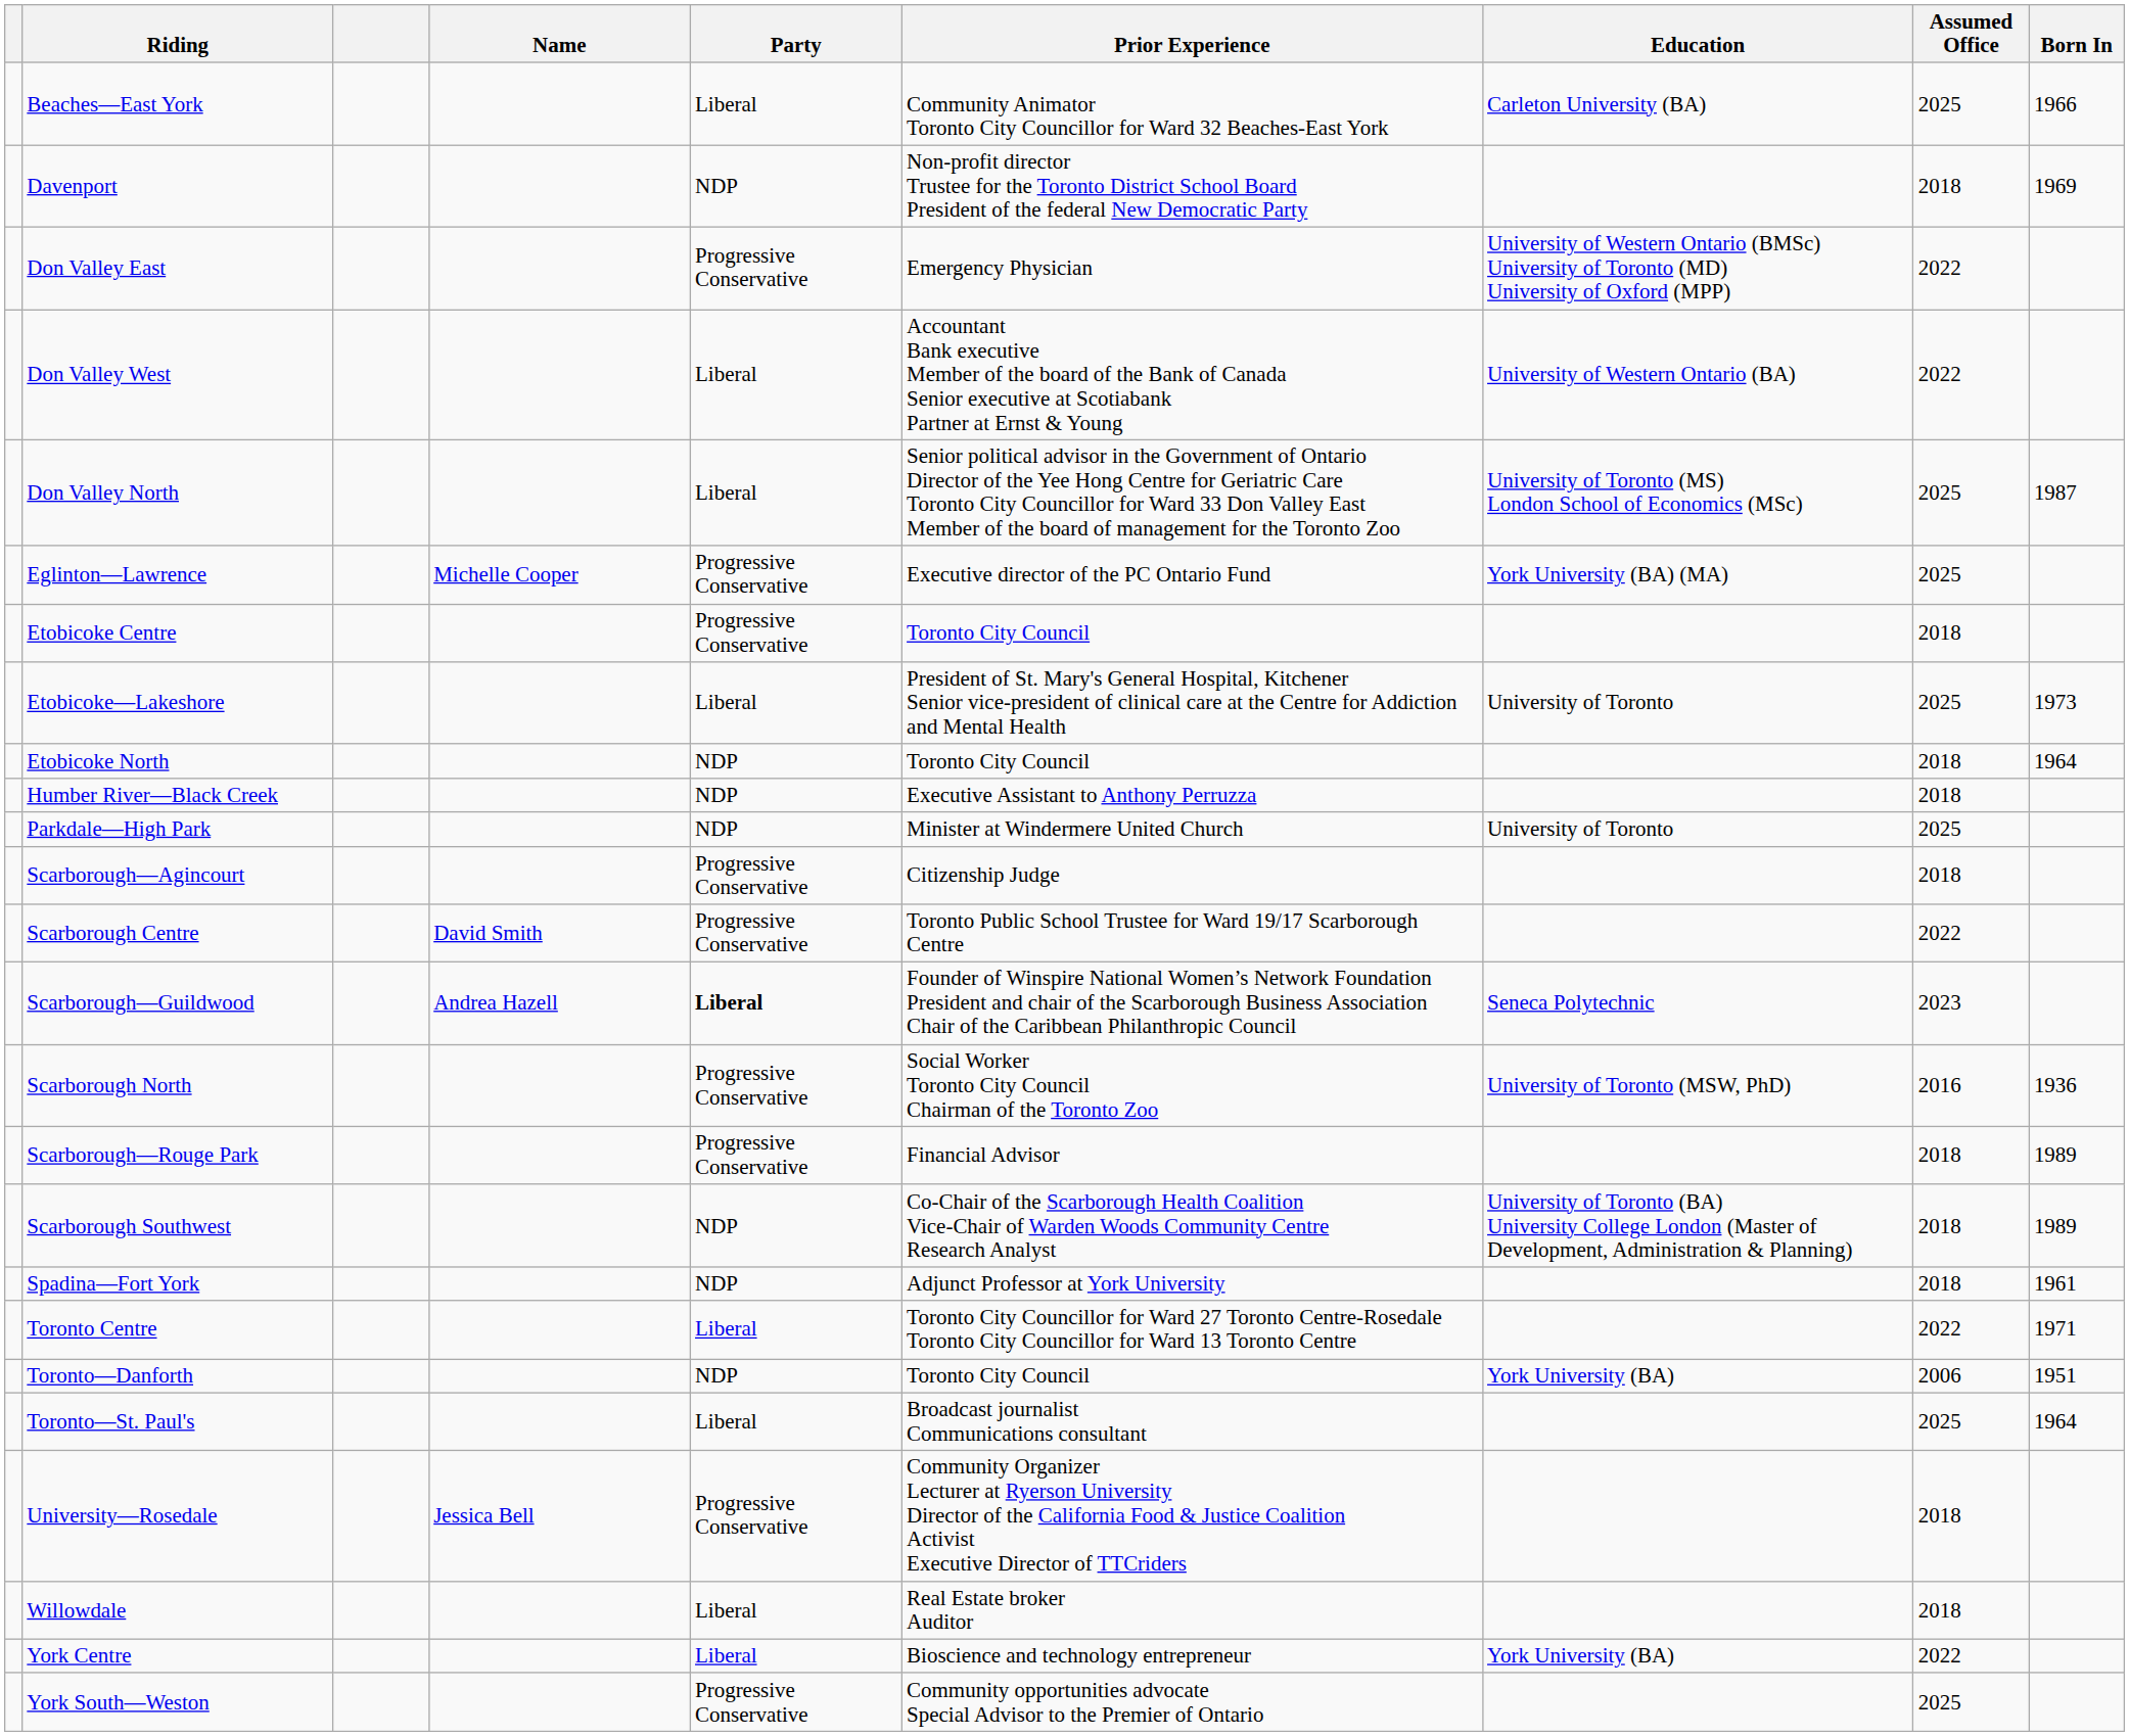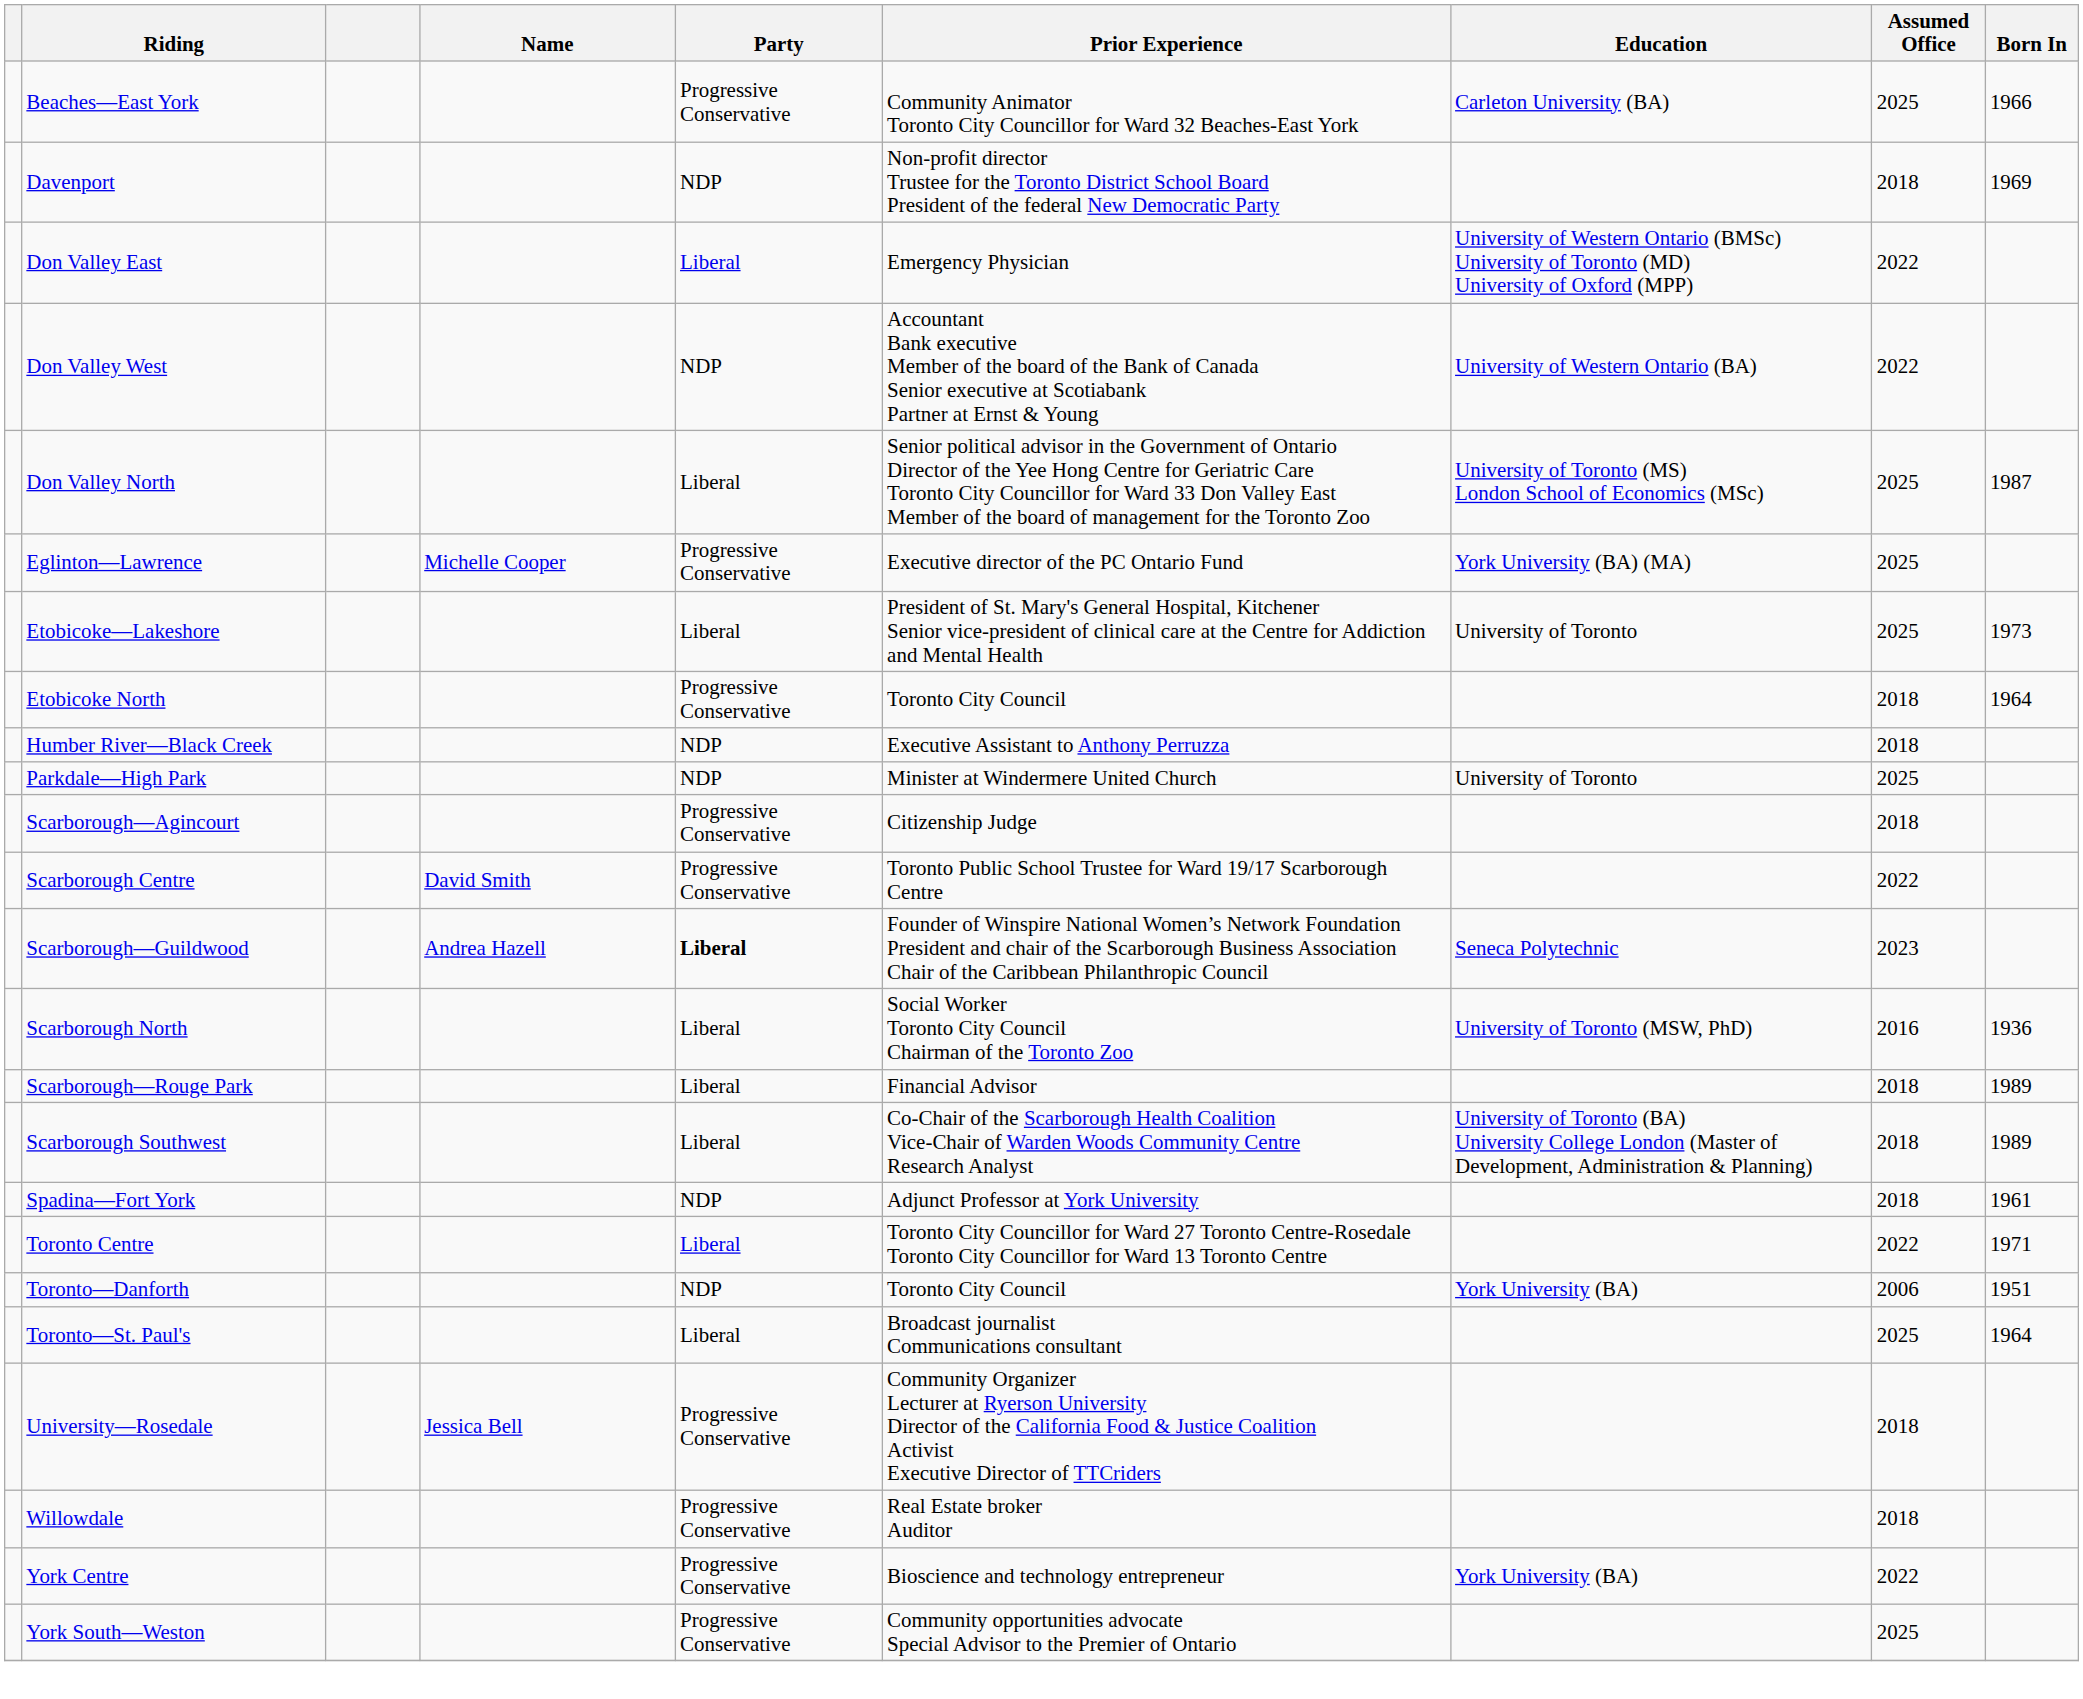 <table class="sortable wikitable" style="text-align:left; font-size:100%; width:100%;">
 <tr valign=bottom>
 <th width="3px"></th>
 <th width="180px">Riding</th>
 <th width="50px"></th>
 <th width="150px">Name</th>
 <th width="120px">Party</th>
 <th width="342px">Prior Experience</th>
 <th width="252px">Education</th>
 <th width="50px">Assumed Office</th>
 <th width="50px">Born In</th>
 </tr>
 <tr>
 <td style="background-color:"></td>
 <td><a href='#'>Beaches—East York</a></td>
 <td></td>
 <td></td>
-<td>Liberal</td>
+<td>Progressive Conservative</td>
 <td><br>Community Animator<br>Toronto City Councillor for Ward 32 Beaches-East York</td>
 <td><a href='#'>Carleton University</a> (BA)</td>
 <td>2025</td>
 <td>1966</td>
 </tr>
 <tr>
 <td style="background-color:"></td>
 <td><a href='#'>Davenport</a></td>
 <td></td>
 <td></td>
 <td>NDP</td>
 <td>Non-profit director<br>Trustee for the <a href='#'>Toronto District School Board</a><br>President of the federal <a href='#'>New Democratic Party</a></td>
 <td></td>
 <td>2018</td>
 <td>1969</td>
 </tr>
 <tr>
 <td style="background-color:"></td>
 <td><a href='#'>Don Valley East</a></td>
 <td></td>
 <td></td>
-<td>Progressive Conservative</td>
+<td><a href='#'>Liberal</a></td>
 <td>Emergency Physician</td>
 <td><a href='#'>University of Western Ontario</a> (BMSc)<br><a href='#'>University of Toronto</a> (MD)<br><a href='#'>University of Oxford</a> (MPP)</td>
 <td>2022</td>
 <td></td>
 </tr>
 <tr>
 <td style="background-color:"></td>
 <td><a href='#'>Don Valley West</a></td>
 <td></td>
 <td></td>
-<td>Liberal</td>
+<td>NDP</td>
 <td>Accountant<br>Bank executive<br>Member of the board of the Bank of Canada<br>Senior executive at Scotiabank<br>Partner at Ernst & Young</td>
 <td><a href='#'>University of Western Ontario</a> (BA)</td>
 <td>2022</td>
 <td></td>
 </tr>
 <tr>
 <td style="background-color:"></td>
 <td><a href='#'>Don Valley North</a></td>
 <td></td>
 <td></td>
 <td>Liberal</td>
 <td>Senior political advisor in the Government of Ontario<br>Director of the Yee Hong Centre for Geriatric Care<br>Toronto City Councillor for Ward 33 Don Valley East<br>Member of the board of management for the Toronto Zoo</td>
 <td><a href='#'>University of Toronto</a> (MS)<br><a href='#'>London School of Economics</a> (MSc)</td>
 <td>2025</td>
 <td>1987</td>
 </tr>
 <tr>
 <td style="background-color:"></td>
 <td><a href='#'>Eglinton—Lawrence</a></td>
 <td></td>
 <td><a href='#'>Michelle Cooper</a></td>
 <td>Progressive Conservative</td>
 <td>Executive director of the PC Ontario Fund</td>
 <td><a href='#'>York University</a> (BA) (MA)</td>
 <td>2025</td>
 <td></td>
 </tr>
 <tr>
 <td style="background-color:"></td>
-<td><a href='#'>Etobicoke Centre</a></td>
-<td></td>
-<td></td>
-<td>Progressive Conservative</td>
-<td><a href='#'>Toronto City Council</a></td>
-<td></td>
-<td>2018</td>
-<td></td>
-</tr>
-<tr>
-<td style="background-color:"></td>
 <td><a href='#'>Etobicoke—Lakeshore</a></td>
 <td></td>
 <td></td>
 <td>Liberal</td>
 <td>President of St. Mary's General Hospital, Kitchener<br>Senior vice-president of clinical care at the Centre for Addiction and Mental Health</td>
 <td>University of Toronto</td>
 <td>2025</td>
 <td>1973</td>
 </tr>
 <tr>
 <td style="background-color:"></td>
 <td><a href='#'>Etobicoke North</a></td>
 <td></td>
 <td></td>
-<td>NDP</td>
+<td>Progressive Conservative</td>
 <td>Toronto City Council</td>
 <td></td>
 <td>2018</td>
 <td>1964</td>
 </tr>
 <tr>
 <td style="background-color:"></td>
 <td><a href='#'>Humber River—Black Creek</a></td>
 <td></td>
 <td></td>
 <td>NDP</td>
 <td>Executive Assistant to <a href='#'>Anthony Perruzza</a></td>
 <td></td>
 <td>2018</td>
 <td></td>
 </tr>
 <tr>
 <td style="background-color:"></td>
 <td><a href='#'>Parkdale—High Park</a></td>
 <td></td>
 <td></td>
 <td>NDP</td>
 <td>Minister at Windermere United Church</td>
 <td>University of Toronto</td>
 <td>2025</td>
 <td></td>
 </tr>
 <tr>
 <td style="background-color:"></td>
 <td><a href='#'>Scarborough—Agincourt</a></td>
 <td></td>
 <td></td>
 <td>Progressive Conservative</td>
 <td>Citizenship Judge</td>
 <td></td>
 <td>2018</td>
 <td></td>
 </tr>
 <tr>
 <td style="background-color:"></td>
 <td><a href='#'>Scarborough Centre</a></td>
 <td></td>
 <td><a href='#'>David Smith</a></td>
 <td>Progressive Conservative</td>
 <td>Toronto Public School Trustee for Ward 19/17 Scarborough Centre</td>
 <td></td>
 <td>2022</td>
 <td></td>
 </tr>
 <tr>
 <td style="background-color:"></td>
 <td><a href='#'>Scarborough—Guildwood</a></td>
 <td></td>
 <td><a href='#'>Andrea Hazell</a></td>
 <td><strong>Liberal</strong></td>
 <td>Founder of Winspire National Women’s Network Foundation<br>President and chair of the Scarborough Business Association<br>Chair of the Caribbean Philanthropic Council</td>
 <td><a href='#'>Seneca Polytechnic</a></td>
 <td>2023</td>
 <td></td>
 </tr>
 <tr>
 <td style="background-color:"></td>
 <td><a href='#'>Scarborough North</a></td>
 <td></td>
 <td></td>
-<td>Progressive Conservative</td>
+<td>Liberal</td>
 <td>Social Worker<br>Toronto City Council<br>Chairman of the <a href='#'>Toronto Zoo</a></td>
 <td><a href='#'>University of Toronto</a> (MSW, PhD)</td>
 <td>2016</td>
 <td>1936</td>
 </tr>
 <tr>
 <td style="background-color:"></td>
 <td><a href='#'>Scarborough—Rouge Park</a></td>
 <td></td>
 <td></td>
-<td>Progressive Conservative</td>
+<td>Liberal</td>
 <td>Financial Advisor</td>
 <td></td>
 <td>2018</td>
 <td>1989</td>
 </tr>
 <tr>
 <td style="background-color:"></td>
 <td><a href='#'>Scarborough Southwest</a></td>
 <td></td>
 <td></td>
-<td>NDP</td>
+<td>Liberal</td>
 <td>Co-Chair of the <a href='#'>Scarborough Health Coalition</a><br>Vice-Chair of <a href='#'>Warden Woods Community Centre</a><br>Research Analyst</td>
 <td><a href='#'>University of Toronto</a> (BA)<br><a href='#'>University College London</a> (Master of Development, Administration & Planning)</td>
 <td>2018</td>
 <td>1989</td>
 </tr>
 <tr>
 <td style="background-color:"></td>
 <td><a href='#'>Spadina—Fort York</a></td>
 <td></td>
 <td></td>
 <td>NDP</td>
 <td>Adjunct Professor at <a href='#'>York University</a></td>
 <td></td>
 <td>2018</td>
 <td>1961</td>
 </tr>
 <tr>
 <td style="background-color:"></td>
 <td><a href='#'>Toronto Centre</a></td>
 <td></td>
 <td></td>
 <td><a href='#'>Liberal</a></td>
 <td>Toronto City Councillor for Ward 27 Toronto Centre-Rosedale<br>Toronto City Councillor for Ward 13 Toronto Centre</td>
 <td></td>
 <td>2022</td>
 <td>1971</td>
 </tr>
 <tr>
 <td style="background-color:"></td>
 <td><a href='#'>Toronto—Danforth</a></td>
 <td></td>
 <td></td>
 <td>NDP</td>
 <td>Toronto City Council</td>
 <td><a href='#'>York University</a> (BA)</td>
 <td>2006</td>
 <td>1951</td>
 </tr>
 <tr>
 <td style="background-color:"></td>
 <td><a href='#'>Toronto—St. Paul's</a></td>
 <td></td>
 <td></td>
 <td>Liberal</td>
 <td>Broadcast journalist<br>Communications consultant</td>
 <td></td>
 <td>2025</td>
 <td>1964</td>
 </tr>
 <tr>
 <td style="background-color:"></td>
 <td><a href='#'>University—Rosedale</a></td>
 <td></td>
 <td><a href='#'>Jessica Bell</a></td>
 <td>Progressive Conservative</td>
 <td>Community Organizer<br>Lecturer at <a href='#'>Ryerson University</a><br>Director of the <a href='#'>California Food & Justice Coalition</a><br>Activist<br>Executive Director of <a href='#'>TTCriders</a></td>
 <td></td>
 <td>2018</td>
 <td></td>
 </tr>
 <tr>
 <td style="background-color:"></td>
 <td><a href='#'>Willowdale</a></td>
 <td></td>
 <td></td>
-<td>Liberal</td>
+<td>Progressive Conservative</td>
 <td>Real Estate broker<br>Auditor</td>
 <td></td>
 <td>2018</td>
 <td></td>
 </tr>
 <tr>
 <td style="background-color:"></td>
 <td><a href='#'>York Centre</a></td>
 <td></td>
 <td></td>
-<td><a href='#'>Liberal</a></td>
+<td>Progressive Conservative</td>
 <td>Bioscience and technology entrepreneur</td>
 <td><a href='#'>York University</a> (BA)</td>
 <td>2022</td>
 <td></td>
 </tr>
 <tr>
 <td style="background-color:"></td>
 <td><a href='#'>York South—Weston</a></td>
 <td></td>
 <td></td>
 <td>Progressive Conservative</td>
 <td>Community opportunities advocate<br>Special Advisor to the Premier of Ontario</td>
 <td></td>
 <td>2025</td>
 <td></td>
 </tr>
 <tr>
 </tr>
 </table>
